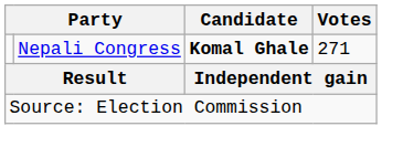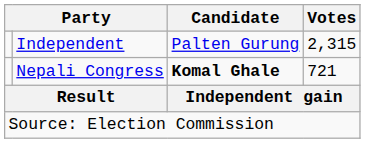 <table class="wikitable">
 <tr>
 <th colspan="2">Party</th>
 <th>Candidate</th>
 <th>Votes</th>
 </tr>
 <tr>
 <td style="background-color:"></td>
+<td><a href='#'>Independent</a></td>
+<td><a href='#'>Palten Gurung</a></td>
+<td>2,315</td>
+</tr>
+<tr>
+<td style="background-color:"></td>
 <td><a href='#'>Nepali Congress</a></td>
 <td><strong>Komal Ghale</strong></td>
-<td>271</td>
+<td>721</td>
 </tr>
 <tr>
 <th colspan="2">Result</th>
 <th colspan="2">Independent gain</th>
 </tr>
 <tr>
 <td colspan="4">Source: Election Commission</td>
 </tr>
 </table>
